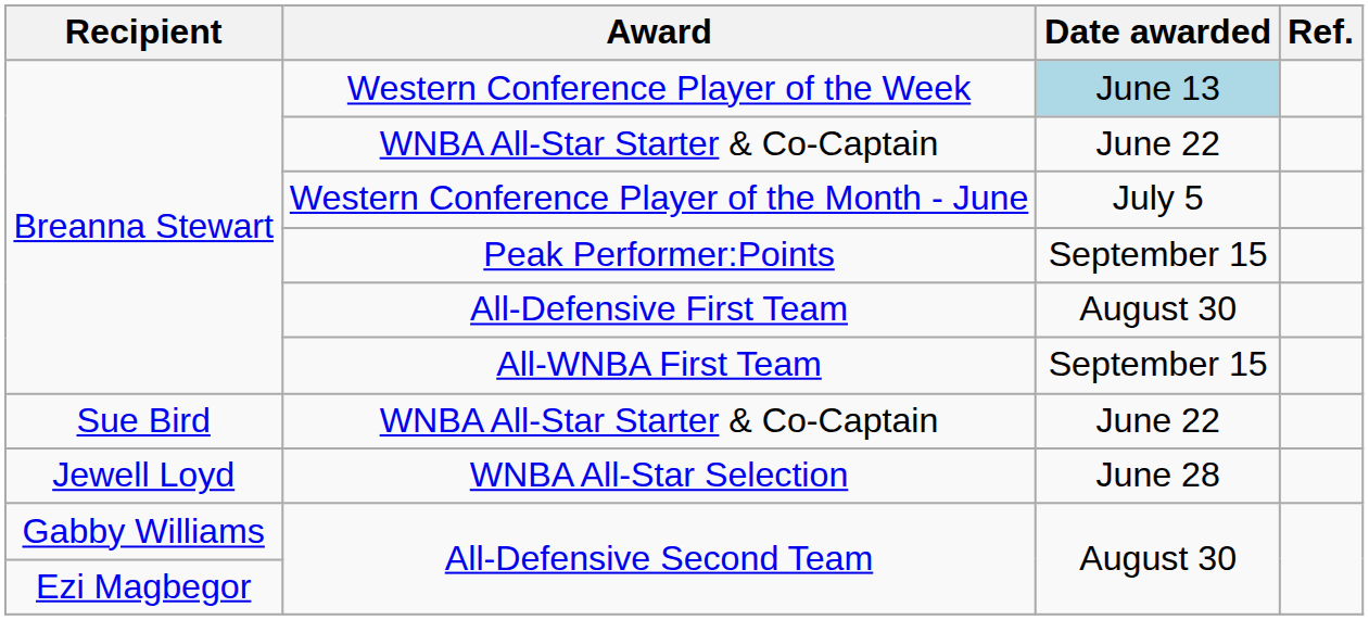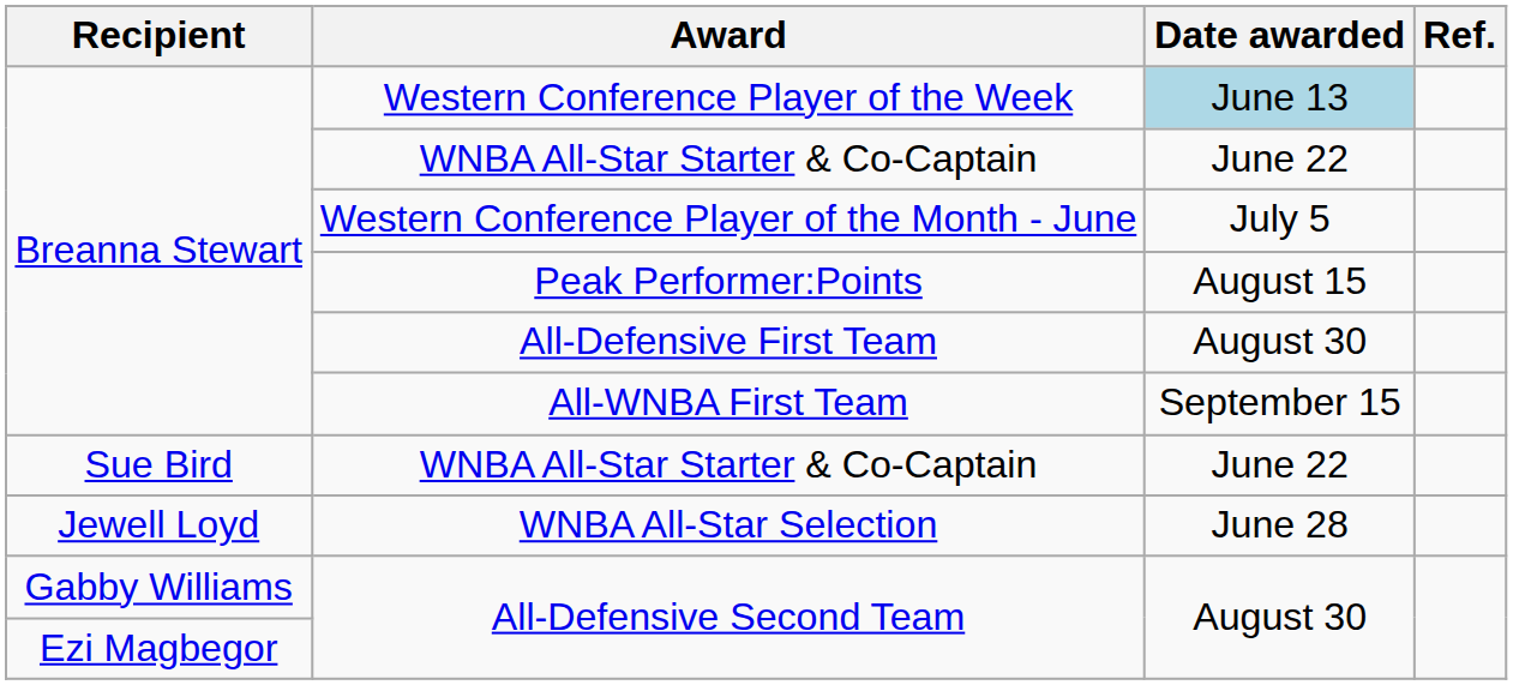 <table class="wikitable sortable sortable" style="text-align: center">
 <tr>
 <th>Recipient</th>
 <th>Award</th>
 <th>Date awarded</th>
 <th>Ref.</th>
 </tr>
 <tr>
 <td rowspan=6><a href='#'>Breanna Stewart</a></td>
 <td><a href='#'>Western Conference Player of the Week</a></td>
 <td style="background: lightblue;">June 13</td>
 <td></td>
 </tr>
 <tr>
 <td><a href='#'>WNBA All-Star Starter</a> & Co-Captain</td>
 <td>June 22</td>
 <td><br></td>
 </tr>
 <tr>
 <td><a href='#'>Western Conference Player of the Month - June</a></td>
 <td>July 5</td>
 <td></td>
 </tr>
 <tr>
 <td><a href='#'>Peak Performer:Points</a></td>
-<td>September 15</td>
+<td>August 15</td>
 <td></td>
 </tr>
 <tr>
 <td><a href='#'>All-Defensive First Team</a></td>
 <td>August 30</td>
 <td></td>
 </tr>
 <tr>
 <td><a href='#'>All-WNBA First Team</a></td>
 <td>September 15</td>
 <td></td>
 </tr>
 <tr>
 <td><a href='#'>Sue Bird</a></td>
 <td><a href='#'>WNBA All-Star Starter</a> & Co-Captain</td>
 <td>June 22</td>
 <td><br></td>
 </tr>
 <tr>
 <td><a href='#'>Jewell Loyd</a></td>
 <td><a href='#'>WNBA All-Star Selection</a></td>
 <td>June 28</td>
 <td></td>
 </tr>
 <tr>
 <td><a href='#'>Gabby Williams</a></td>
 <td rowspan=2><a href='#'>All-Defensive Second Team</a></td>
 <td rowspan=2>August 30</td>
 <td rowspan=2></td>
 </tr>
 <tr>
 <td><a href='#'>Ezi Magbegor</a></td>
 </tr>
 </table>
